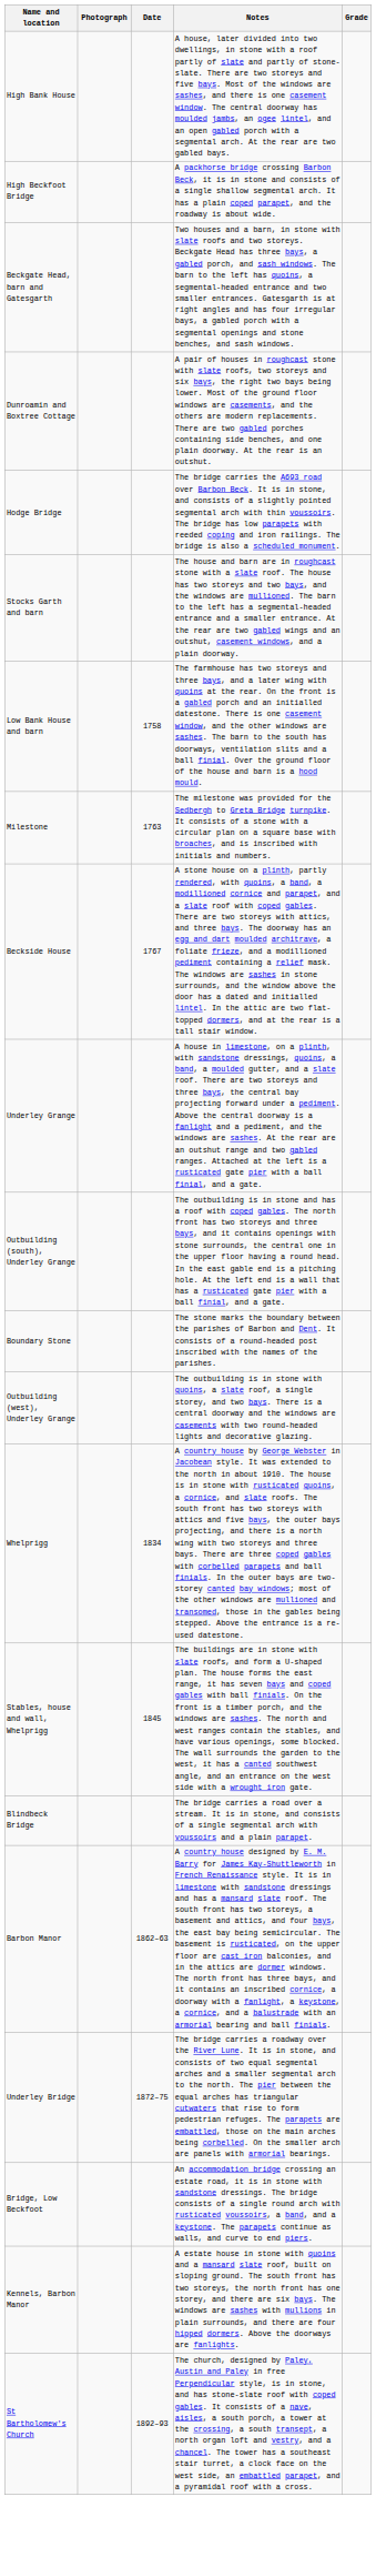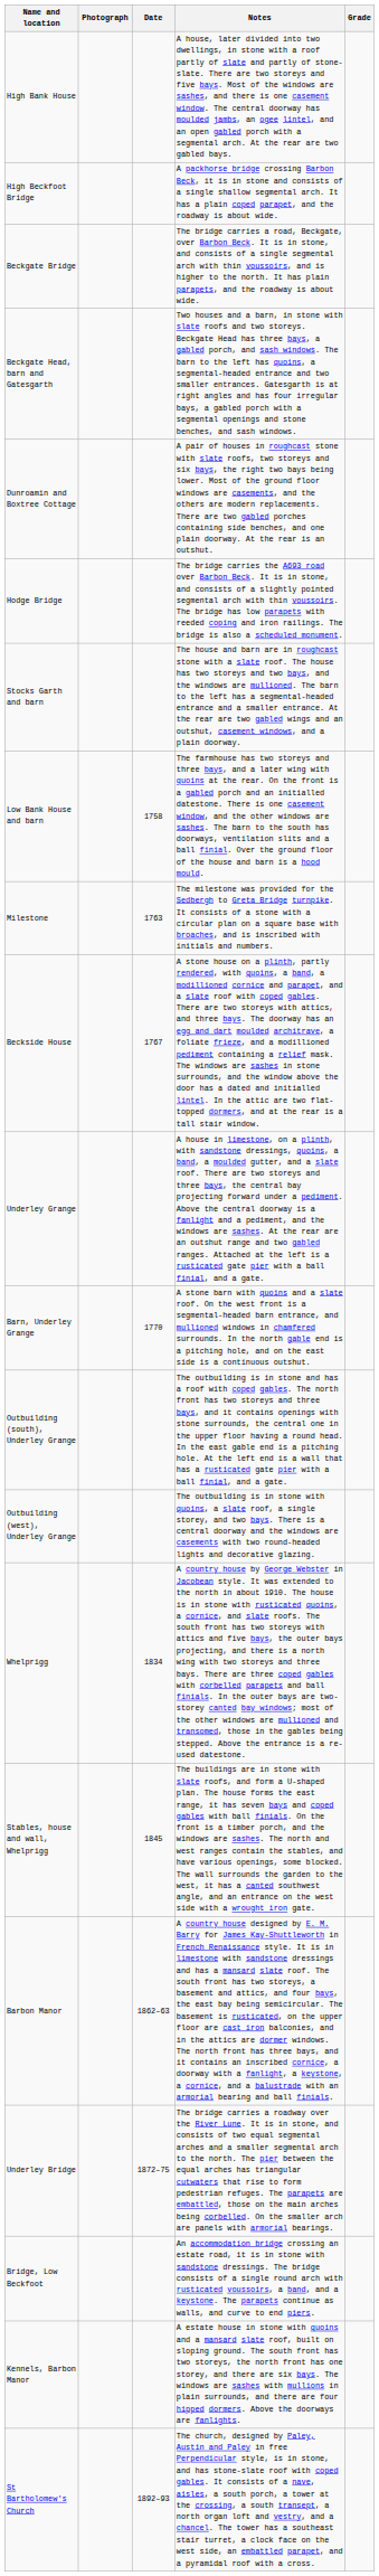 <table class="wikitable sortable plainrowheaders" style="width:100%; border:0; text-align:left; line-height:150%;">
 <tr>
 <th scope="col"  style="width:150px">Name and location</th>
 <th scope="col"  style="width:100px" class="unsortable">Photograph</th>
 <th scope="col"  style="width:120px">Date</th>
 <th scope="col"  style="width:650px" class="unsortable">Notes</th>
 <th scope="col"  style="width:50px">Grade</th>
 </tr>
 <tr>
 <td>High Bank House<br><small></small></td>
 <td></td>
 <td align="center"></td>
 <td>A house, later divided into two dwellings, in stone with a roof partly of <a href='#'>slate</a> and partly of stone-slate.  There are two storeys and five <a href='#'>bays</a>.  Most of the windows are <a href='#'>sashes</a>, and there is one <a href='#'>casement window</a>.  The central doorway has <a href='#'>moulded</a> <a href='#'>jambs</a>, an <a href='#'>ogee</a> <a href='#'>lintel</a>, and an open <a href='#'>gabled</a> porch with a segmental arch.  At the rear are two gabled bays.</td>
 <td align="center" ></td>
 </tr>
 <tr>
 <td>High Beckfoot Bridge<br><small></small></td>
 <td></td>
 <td align="center"></td>
 <td>A <a href='#'>packhorse bridge</a> crossing <a href='#'>Barbon Beck</a>, it is in stone and consists of a single shallow segmental arch.  It has a plain <a href='#'>coped</a> <a href='#'>parapet</a>, and the roadway is about  wide.</td>
+<td align="center" ></td>
+</tr>
+<tr>
+<td>Beckgate Bridge<br><small></small></td>
+<td></td>
+<td align="center"></td>
+<td>The bridge carries a road, Beckgate, over <a href='#'>Barbon Beck</a>.  It is in stone, and consists of a single segmental arch with thin <a href='#'>voussoirs</a>, and is higher to the north.  It has plain <a href='#'>parapets</a>, and the roadway is about  wide.</td>
 <td align="center" ></td>
 </tr>
 <tr>
 <td>Beckgate Head, barn and Gatesgarth<br><small></small></td>
 <td></td>
 <td align="center"></td>
 <td>Two houses and a barn, in stone with <a href='#'>slate</a> roofs and two storeys.  Beckgate Head has three <a href='#'>bays</a>, a <a href='#'>gabled</a> porch, and <a href='#'>sash windows</a>.  The barn to the left has <a href='#'>quoins</a>, a segmental-headed entrance and two smaller entrances.  Gatesgarth is at right angles and has four irregular bays, a gabled porch with a segmental openings and stone benches, and sash windows.</td>
 <td align="center" ></td>
 </tr>
 <tr>
 <td>Dunroamin and Boxtree Cottage<br><small></small></td>
 <td></td>
 <td align="center"></td>
 <td>A pair of houses in <a href='#'>roughcast</a> stone with <a href='#'>slate</a> roofs, two storeys and six <a href='#'>bays</a>, the right two bays being lower.  Most of the ground floor windows are <a href='#'>casements</a>, and the others are modern replacements.  There are two <a href='#'>gabled</a> porches containing side benches, and one plain doorway.  At the rear is an outshut.</td>
 <td align="center" ></td>
 </tr>
 <tr>
 <td>Hodge Bridge<br><small></small></td>
 <td></td>
 <td align="center"></td>
 <td>The bridge carries the <a href='#'>A693 road</a> over <a href='#'>Barbon Beck</a>.  It is in stone, and consists of a slightly pointed segmental arch with thin <a href='#'>voussoirs</a>.  The bridge has low <a href='#'>parapets</a> with reeded <a href='#'>coping</a> and iron railings.  The bridge is also a <a href='#'>scheduled monument</a>.</td>
 <td align="center" ></td>
 </tr>
 <tr>
 <td>Stocks Garth and barn<br><small></small></td>
 <td></td>
 <td align="center"></td>
 <td>The house and barn are in <a href='#'>roughcast</a> stone with a <a href='#'>slate</a> roof.  The house has two storeys and two <a href='#'>bays</a>, and the windows are <a href='#'>mullioned</a>.  The barn to the left has a segmental-headed entrance and a smaller entrance.  At the rear are two <a href='#'>gabled</a> wings and an outshut, <a href='#'>casement windows</a>, and a plain doorway.</td>
 <td align="center" ></td>
 </tr>
 <tr>
 <td>Low Bank House and barn<br><small></small></td>
 <td></td>
 <td align="center">1758</td>
 <td>The farmhouse has two storeys and three <a href='#'>bays</a>, and a later wing with <a href='#'>quoins</a> at the rear.  On the front is a <a href='#'>gabled</a> porch and an initialled datestone.  There is one <a href='#'>casement window</a>, and the other windows are <a href='#'>sashes</a>.  The barn to the south has doorways, ventilation slits and a ball <a href='#'>finial</a>.  Over the ground floor of the house and barn is a <a href='#'>hood mould</a>.</td>
 <td align="center" ></td>
 </tr>
 <tr>
 <td>Milestone<br><small></small></td>
 <td></td>
 <td align="center">1763</td>
 <td>The milestone was provided for the <a href='#'>Sedbergh</a> to <a href='#'>Greta Bridge</a> <a href='#'>turnpike</a>.  It consists of a stone with a circular plan on a square base with <a href='#'>broaches</a>, and is inscribed with initials and numbers.</td>
 <td align="center" ></td>
 </tr>
 <tr>
 <td>Beckside House<br><small></small></td>
 <td></td>
 <td align="center">1767</td>
 <td>A stone house on a <a href='#'>plinth</a>, partly <a href='#'>rendered</a>, with <a href='#'>quoins</a>, a <a href='#'>band</a>, a <a href='#'>modillioned</a> <a href='#'>cornice</a> and <a href='#'>parapet</a>, and a <a href='#'>slate</a> roof with <a href='#'>coped</a> <a href='#'>gables</a>.  There are two storeys with attics, and three <a href='#'>bays</a>.  The doorway has an <a href='#'>egg and dart</a> <a href='#'>moulded</a> <a href='#'>architrave</a>, a foliate <a href='#'>frieze</a>, and a modillioned <a href='#'>pediment</a> containing a <a href='#'>relief</a> mask.  The windows are <a href='#'>sashes</a> in stone surrounds, and the window above the door has a dated and initialled <a href='#'>lintel</a>.  In the attic are two flat-topped <a href='#'>dormers</a>, and at the rear is a tall stair window.</td>
 <td align="center" ></td>
 </tr>
 <tr>
 <td>Underley Grange<br><small></small></td>
 <td></td>
 <td align="center"></td>
 <td>A house in <a href='#'>limestone</a>, on a <a href='#'>plinth</a>, with <a href='#'>sandstone</a> dressings, <a href='#'>quoins</a>, a <a href='#'>band</a>, a <a href='#'>moulded</a> gutter, and a <a href='#'>slate</a> roof.  There are two storeys and three <a href='#'>bays</a>, the central bay projecting forward under a <a href='#'>pediment</a>.  Above the central doorway is a <a href='#'>fanlight</a> and a pediment, and the windows are <a href='#'>sashes</a>.  At the rear are an outshut range and two <a href='#'>gabled</a> ranges.  Attached at the left is a <a href='#'>rusticated</a> gate <a href='#'>pier</a> with a ball <a href='#'>finial</a>, and a gate.</td>
 <td align="center" ></td>
 </tr>
 <tr>
+<td>Barn, Underley Grange<br><small></small></td>
+<td></td>
+<td align="center">1770</td>
+<td>A stone barn with <a href='#'>quoins</a> and a <a href='#'>slate</a> roof.  On the west front is a segmental-headed barn entrance, and <a href='#'>mullioned</a> windows in <a href='#'>chamfered</a> surrounds.  In the north <a href='#'>gable</a> end is a pitching hole, and on the east side is a continuous outshut.</td>
+<td align="center" ></td>
+</tr>
+<tr>
 <td>Outbuilding (south), Underley Grange<br><small></small></td>
 <td></td>
 <td align="center"></td>
 <td>The outbuilding is in stone and has a roof with <a href='#'>coped</a> <a href='#'>gables</a>.  The north front has two storeys and three <a href='#'>bays</a>, and it contains openings with stone surrounds, the central one in the upper floor having a round head. In the east gable end is a pitching hole.  At the left end is a wall that has a <a href='#'>rusticated</a> gate <a href='#'>pier</a> with a ball <a href='#'>finial</a>, and a gate.</td>
-<td align="center" ></td>
-</tr>
-<tr>
-<td>Boundary Stone<br><small></small></td>
-<td></td>
-<td align="center"></td>
-<td>The stone marks the boundary between the parishes of Barbon and <a href='#'>Dent</a>.  It consists of a round-headed post inscribed with the names of the parishes.</td>
 <td align="center" ></td>
 </tr>
 <tr>
 <td>Outbuilding (west), Underley Grange<br><small></small></td>
 <td></td>
 <td align="center"></td>
 <td>The outbuilding is in stone with <a href='#'>quoins</a>, a <a href='#'>slate</a> roof, a single storey, and two <a href='#'>bays</a>.  There is a central doorway and the windows are <a href='#'>casements</a> with two round-headed lights and decorative glazing.</td>
 <td align="center" ></td>
 </tr>
 <tr>
 <td>Whelprigg<br><small></small></td>
 <td></td>
 <td align="center">1834</td>
 <td>A <a href='#'>country house</a> by <a href='#'>George Webster</a> in <a href='#'>Jacobean</a> style.  It was extended to the north in about 1910.  The house is in stone with <a href='#'>rusticated</a> <a href='#'>quoins</a>, a <a href='#'>cornice</a>, and <a href='#'>slate</a> roofs.  The south front has two storeys with attics and five <a href='#'>bays</a>, the outer bays projecting, and there is a north wing with two storeys and three bays.  There are three <a href='#'>coped</a> <a href='#'>gables</a> with <a href='#'>corbelled</a> <a href='#'>parapets</a> and ball <a href='#'>finials</a>.  In the outer bays are two-storey <a href='#'>canted</a> <a href='#'>bay windows</a>; most of the other windows are <a href='#'>mullioned</a> and <a href='#'>transomed</a>, those in the gables being stepped.  Above the entrance is a re-used datestone.</td>
 <td align="center" ></td>
 </tr>
 <tr>
 <td>Stables, house and wall, Whelprigg<br><small></small></td>
 <td></td>
 <td align="center">1845</td>
 <td>The buildings are in stone with <a href='#'>slate</a> roofs, and form a U-shaped plan.  The house forms the east range, it has seven <a href='#'>bays</a> and <a href='#'>coped</a> <a href='#'>gables</a> with ball <a href='#'>finials</a>. On the front is a timber porch, and the windows are <a href='#'>sashes</a>.  The north and west ranges contain the stables, and have various openings, some blocked.  The wall surrounds the garden to the west, it has a <a href='#'>canted</a> southwest angle, and an entrance on the west side with a <a href='#'>wrought iron</a> gate.</td>
-<td align="center" ></td>
-</tr>
-<tr>
-<td>Blindbeck Bridge<br><small></small></td>
-<td></td>
-<td align="center"></td>
-<td>The bridge carries a road over a stream.  It is in stone, and consists of a single segmental arch with <a href='#'>voussoirs</a> and a plain <a href='#'>parapet</a>.</td>
 <td align="center" ></td>
 </tr>
 <tr>
 <td>Barbon Manor<br><small></small></td>
 <td></td>
 <td align="center">1862–63</td>
 <td>A <a href='#'>country house</a> designed by <a href='#'>E. M. Barry</a> for <a href='#'>James Kay-Shuttleworth</a> in <a href='#'>French Renaissance</a> style.  It is in <a href='#'>limestone</a> with <a href='#'>sandstone</a> dressings and has a <a href='#'>mansard</a> <a href='#'>slate</a> roof.  The south front has two storeys, a basement and attics, and four <a href='#'>bays</a>, the east bay being semicircular.  The basement is <a href='#'>rusticated</a>, on the upper floor are <a href='#'>cast iron</a> balconies, and in the attics are <a href='#'>dormer</a> windows.  The north front has three bays, and it contains an inscribed <a href='#'>cornice</a>, a doorway with a <a href='#'>fanlight</a>, a <a href='#'>keystone</a>, a <a href='#'>cornice</a>, and a <a href='#'>balustrade</a> with an <a href='#'>armorial</a> bearing and ball <a href='#'>finials</a>.</td>
 <td align="center" ></td>
 </tr>
 <tr>
 <td>Underley Bridge<br><small></small></td>
 <td></td>
 <td align="center">1872–75</td>
 <td>The bridge carries a roadway over the <a href='#'>River Lune</a>.  It is in stone, and consists of two equal segmental arches and a smaller segmental arch to the north.  The <a href='#'>pier</a> between the equal arches has triangular <a href='#'>cutwaters</a> that rise to form pedestrian refuges.  The <a href='#'>parapets</a> are <a href='#'>embattled</a>, those on the main arches being <a href='#'>corbelled</a>.  On the smaller arch are panels with <a href='#'>armorial</a> bearings.</td>
 <td align="center" ></td>
 </tr>
 <tr>
 <td>Bridge, Low Beckfoot<br><small></small></td>
 <td></td>
 <td align="center"></td>
 <td>An <a href='#'>accommodation bridge</a> crossing an estate road, it is in stone with <a href='#'>sandstone</a> dressings.  The bridge consists of a single round arch with <a href='#'>rusticated</a> <a href='#'>voussoirs</a>, a <a href='#'>band</a>, and a <a href='#'>keystone</a>.  The <a href='#'>parapets</a> continue as walls, and curve to end <a href='#'>piers</a>.</td>
 <td align="center" ></td>
 </tr>
 <tr>
 <td>Kennels, Barbon Manor<br><small></small></td>
 <td></td>
 <td align="center"></td>
 <td>A estate house in stone with <a href='#'>quoins</a> and a <a href='#'>mansard</a> <a href='#'>slate</a> roof, built on sloping ground.  The south front has two storeys, the north front has one storey, and there are six <a href='#'>bays</a>.  The windows are  <a href='#'>sashes</a> with <a href='#'>mullions</a> in plain surrounds, and there are four <a href='#'>hipped</a> <a href='#'>dormers</a>.  Above the doorways are <a href='#'>fanlights</a>.</td>
 <td align="center" ></td>
 </tr>
 <tr>
 <td><a href='#'>St Bartholomew's Church</a><br><small></small></td>
 <td></td>
 <td align="center">1892–93</td>
 <td>The church, designed by <a href='#'>Paley, Austin and Paley</a> in free <a href='#'>Perpendicular</a> style, is in stone, and has stone-slate roof with <a href='#'>coped</a> <a href='#'>gables</a>.  It consists of a <a href='#'>nave</a>, <a href='#'>aisles</a>, a south porch, a tower at the <a href='#'>crossing</a>, a south <a href='#'>transept</a>, a north organ loft and <a href='#'>vestry</a>, and a <a href='#'>chancel</a>.  The tower has a southeast stair turret, a clock face on the west side, an <a href='#'>embattled</a> <a href='#'>parapet</a>, and a pyramidal roof with a cross.</td>
 <td align="center" ></td>
 </tr>
 <tr>
 </tr>
 </table>
